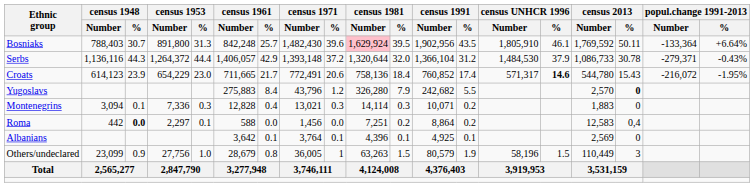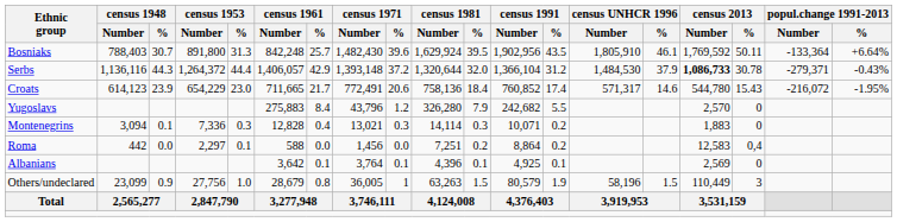 <table class="wikitable">
 <tr bgcolor="#e0e0e0">
 <th rowspan="2">Ethnic<br>group</th>
 <th colspan="2">census 1948</th>
 <th colspan="2">census 1953</th>
 <th colspan="2">census 1961</th>
 <th colspan="2">census 1971</th>
 <th colspan="2">census 1981</th>
 <th colspan="2">census 1991</th>
 <th colspan="2">census UNHCR 1996</th>
 <th colspan="2">census 2013</th>
 <th colspan="2">popul.change 1991-2013</th>
 </tr>
 <tr bgcolor="#e0e0e0">
 <th>Number</th>
 <th>%</th>
 <th>Number</th>
 <th>%</th>
 <th>Number</th>
 <th>%</th>
 <th>Number</th>
 <th>%</th>
 <th>Number</th>
 <th>%</th>
 <th>Number</th>
 <th>%</th>
 <th>Number</th>
 <th>%</th>
 <th>Number</th>
 <th>%</th>
 <th>Number</th>
 <th>%</th>
 </tr>
 <tr>
 <td><a href='#'>Bosniaks</a></td>
 <td align="right">788,403</td>
 <td align="right">30.7</td>
 <td align="right">891,800</td>
 <td align="right">31.3</td>
 <td align="right">842,248</td>
 <td align="right">25.7</td>
 <td align="right">1,482,430</td>
 <td align="right">39.6</td>
-<td align="right" style="background: pink;">1,629,924</td>
+<td align="right">1,629,924</td>
 <td align="right">39.5</td>
 <td align="right">1,902,956</td>
 <td align="right">43.5</td>
 <td align="right">1,805,910</td>
 <td align="right">46.1</td>
 <td align="right">1,769,592</td>
 <td align="right">50.11</td>
 <td align="right">-133,364</td>
 <td align="right">+6.64%</td>
 </tr>
 <tr>
 <td><a href='#'>Serbs</a></td>
 <td align="right">1,136,116</td>
 <td align="right">44.3</td>
 <td align="right">1,264,372</td>
 <td align="right">44.4</td>
 <td align="right">1,406,057</td>
 <td align="right">42.9</td>
 <td align="right">1,393,148</td>
 <td align="right">37.2</td>
 <td align="right">1,320,644</td>
 <td align="right">32.0</td>
 <td align="right">1,366,104</td>
 <td align="right">31.2</td>
 <td align="right">1,484,530</td>
 <td align="right">37.9</td>
-<td align="right">1,086,733</td>
+<td align="right"><strong>1,086,733</strong></td>
 <td align="right">30.78</td>
 <td align="right">-279,371</td>
 <td align="right">-0.43%</td>
 </tr>
 <tr>
 <td><a href='#'>Croats</a></td>
 <td align="right">614,123</td>
 <td align="right">23.9</td>
 <td align="right">654,229</td>
 <td align="right">23.0</td>
 <td align="right">711,665</td>
 <td align="right">21.7</td>
 <td align="right">772,491</td>
 <td align="right">20.6</td>
 <td align="right">758,136</td>
 <td align="right">18.4</td>
 <td align="right">760,852</td>
 <td align="right">17.4</td>
 <td align="right">571,317</td>
-<td align="right"><strong>14.6</strong></td>
+<td align="right">14.6</td>
 <td align="right">544,780</td>
 <td align="right">15.43</td>
 <td align="right">-216,072</td>
 <td align="right">-1.95%</td>
 </tr>
 <tr>
 <td><a href='#'>Yugoslavs</a></td>
 <td align="right"></td>
 <td align="right"></td>
 <td align="right"></td>
 <td align="right"></td>
 <td align="right">275,883</td>
 <td align="right">8.4</td>
 <td align="right">43,796</td>
 <td align="right">1.2</td>
 <td align="right">326,280</td>
 <td align="right">7.9</td>
 <td align="right">242,682</td>
 <td align="right">5.5</td>
 <td align="right"></td>
 <td align="right"></td>
 <td align="right">2,570</td>
-<td align="right"><strong>0</strong></td>
+<td align="right">0</td>
 <td align="right"></td>
 <td align="right"></td>
 </tr>
 <tr>
 <td><a href='#'>Montenegrins</a></td>
 <td align="right">3,094</td>
 <td align="right">0.1</td>
 <td align="right">7,336</td>
 <td align="right">0.3</td>
 <td align="right">12,828</td>
 <td align="right">0.4</td>
 <td align="right">13,021</td>
 <td align="right">0.3</td>
 <td align="right">14,114</td>
 <td align="right">0.3</td>
 <td align="right">10,071</td>
 <td align="right">0.2</td>
 <td align="right"></td>
 <td align="right"></td>
 <td align="right">1,883</td>
 <td align="right">0</td>
 <td align="right"></td>
 <td align="right"></td>
 </tr>
 <tr>
 <td><a href='#'>Roma</a></td>
 <td align="right">442</td>
-<td align="right"><strong>0.0</strong></td>
+<td align="right">0.0</td>
 <td align="right">2,297</td>
 <td align="right">0.1</td>
 <td align="right">588</td>
 <td align="right">0.0</td>
 <td align="right">1,456</td>
 <td align="right">0.0</td>
 <td align="right">7,251</td>
 <td align="right">0.2</td>
 <td align="right">8,864</td>
 <td align="right">0.2</td>
 <td align="right"></td>
 <td align="right"></td>
 <td align="right">12,583</td>
 <td align="right">0,4</td>
 <td align="right"></td>
 <td align="right"></td>
 </tr>
 <tr>
 <td><a href='#'>Albanians</a></td>
 <td align="right"></td>
 <td align="rigjt"></td>
 <td align="right"></td>
 <td align="right"></td>
 <td align="right">3,642</td>
 <td align="right">0.1</td>
 <td align="right">3,764</td>
 <td align="right">0.1</td>
 <td align="right">4,396</td>
 <td align="right">0.1</td>
 <td align="right">4,925</td>
 <td align="right">0.1</td>
 <td align="right"></td>
 <td align="right"></td>
 <td align="right">2,569</td>
 <td align="right">0</td>
 <td align="right"></td>
 <td align="right"></td>
 </tr>
 <tr>
 <td>Others/undeclared</td>
 <td align="right">23,099</td>
 <td align="right">0.9</td>
 <td align="right">27,756</td>
 <td align="right">1.0</td>
 <td align="right">28,679</td>
 <td align="right">0.8</td>
 <td align="right">36,005</td>
 <td align="right">1</td>
 <td align="right">63,263</td>
 <td align="right">1.5</td>
 <td align="right">80,579</td>
 <td align="right">1.9</td>
 <td align="right">58,196</td>
 <td align="right">1.5</td>
 <td align="right">110,449</td>
 <td align="right">3</td>
 <td align="right"></td>
 <td align="right"></td>
 </tr>
 <tr bgcolor="#e0e0e0">
 <th align="left">Total</th>
 <th colspan="2">2,565,277</th>
 <th colspan="2">2,847,790</th>
 <th colspan="2">3,277,948</th>
 <th colspan="2">3,746,111</th>
 <th colspan="2">4,124,008</th>
 <th colspan="2">4,376,403</th>
 <th colspan="2">3,919,953</th>
 <th colspan="2">3,531,159</th>
 <td align="right"></td>
 <td align="right"></td>
 </tr>
 <tr>
 <td colspan="17"></td>
 </tr>
 </table>
